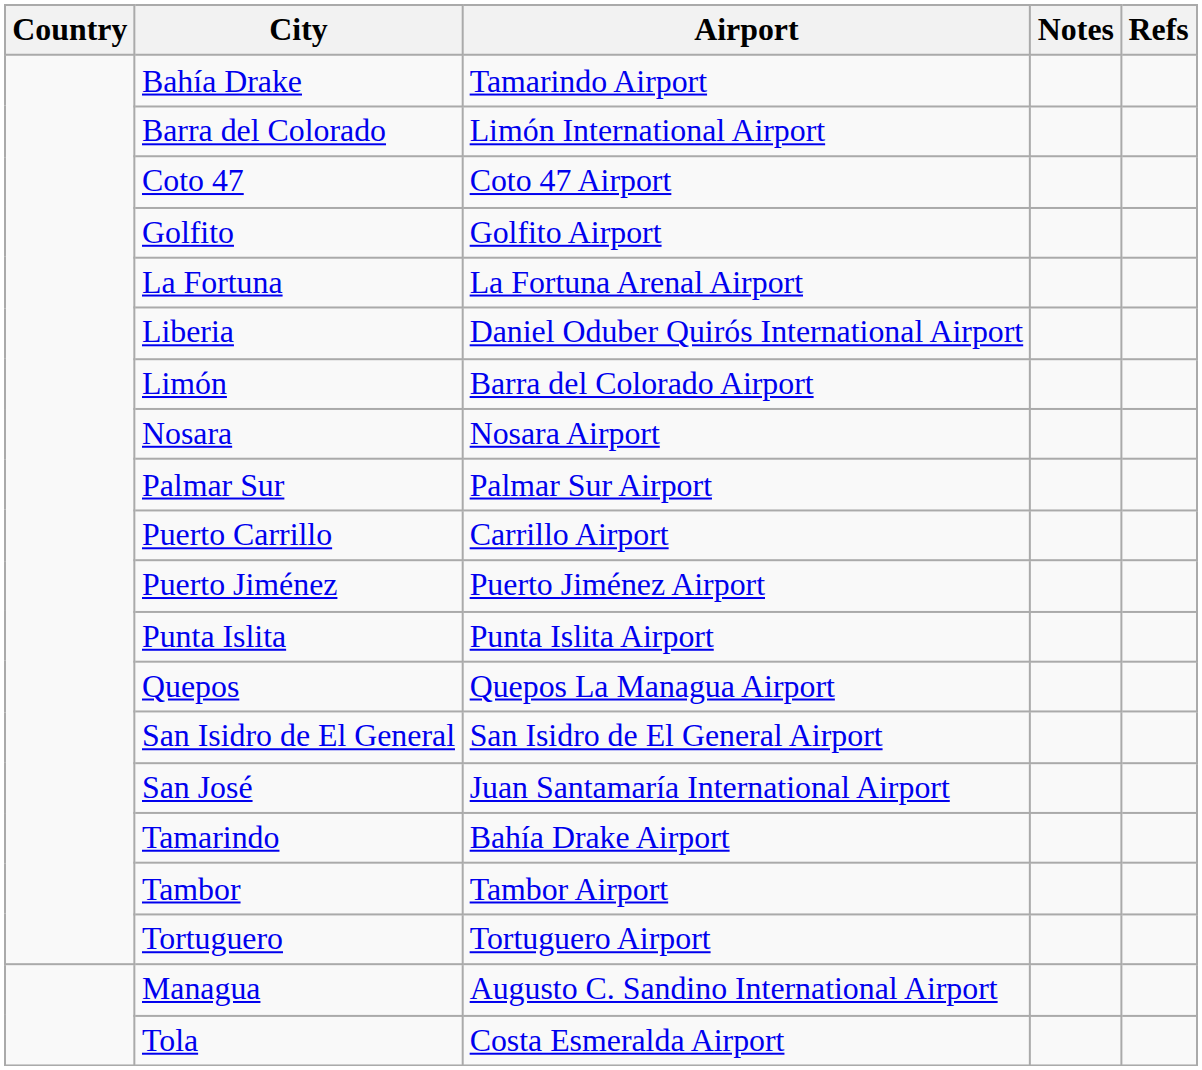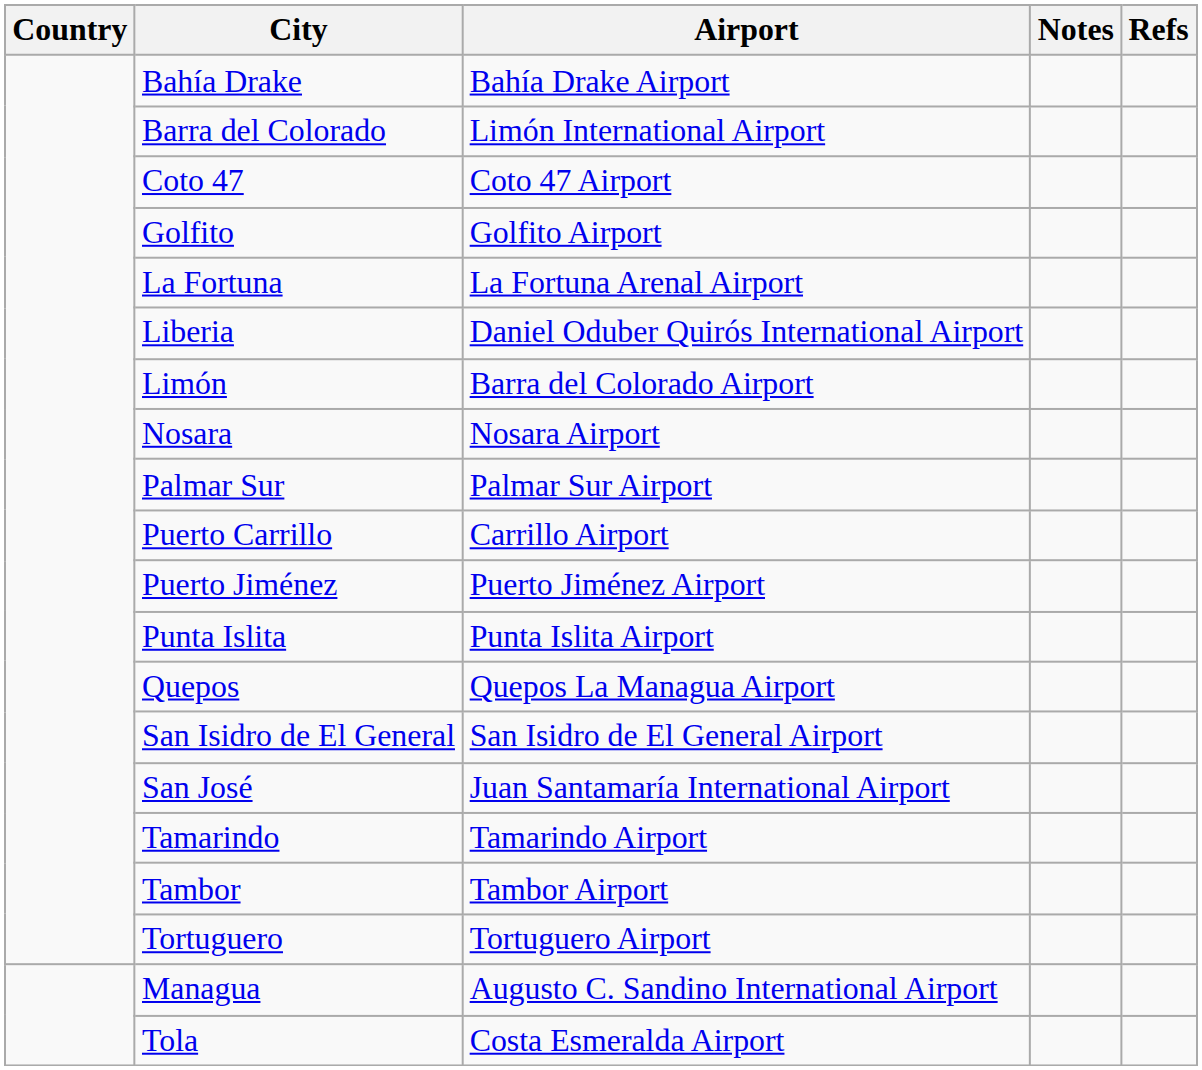 <table class="sortable wikitable">
 <tr>
 <th>Country</th>
 <th>City</th>
 <th>Airport</th>
 <th>Notes</th>
 <th class="unsortable">Refs</th>
 </tr>
 <tr>
 <td rowspan=18></td>
 <td><a href='#'>Bahía Drake</a></td>
-<td><a href='#'>Tamarindo Airport</a></td>
+<td><a href='#'>Bahía Drake Airport</a></td>
 <td align=center></td>
 <td></td>
 </tr>
 <tr>
 <td><a href='#'>Barra del Colorado</a></td>
 <td><a href='#'>Limón International Airport</a></td>
 <td></td>
 <td></td>
 </tr>
 <tr>
 <td><a href='#'>Coto 47</a></td>
 <td><a href='#'>Coto 47 Airport</a></td>
 <td></td>
 <td></td>
 </tr>
 <tr>
 <td><a href='#'>Golfito</a></td>
 <td><a href='#'>Golfito Airport</a></td>
 <td align=center></td>
 <td></td>
 </tr>
 <tr>
 <td><a href='#'>La Fortuna</a></td>
 <td><a href='#'>La Fortuna Arenal Airport</a></td>
 <td align=center></td>
 <td></td>
 </tr>
 <tr>
 <td><a href='#'>Liberia</a></td>
 <td><a href='#'>Daniel Oduber Quirós International Airport</a></td>
 <td align=center></td>
 <td></td>
 </tr>
 <tr>
 <td><a href='#'>Limón</a></td>
 <td><a href='#'>Barra del Colorado Airport</a></td>
 <td align=center></td>
 <td></td>
 </tr>
 <tr>
 <td><a href='#'>Nosara</a></td>
 <td><a href='#'>Nosara Airport</a></td>
 <td align=center></td>
 <td></td>
 </tr>
 <tr>
 <td><a href='#'>Palmar Sur</a></td>
 <td><a href='#'>Palmar Sur Airport</a></td>
 <td align=center></td>
 <td></td>
 </tr>
 <tr>
 <td><a href='#'>Puerto Carrillo</a></td>
 <td><a href='#'>Carrillo Airport</a></td>
 <td></td>
 <td></td>
 </tr>
 <tr>
 <td><a href='#'>Puerto Jiménez</a></td>
 <td><a href='#'>Puerto Jiménez Airport</a></td>
 <td align=center></td>
 <td></td>
 </tr>
 <tr>
 <td><a href='#'>Punta Islita</a></td>
 <td><a href='#'>Punta Islita Airport</a></td>
 <td></td>
 <td></td>
 </tr>
 <tr>
 <td><a href='#'>Quepos</a></td>
 <td><a href='#'>Quepos La Managua Airport</a></td>
 <td align=center></td>
 <td></td>
 </tr>
 <tr>
 <td><a href='#'>San Isidro de El General</a></td>
 <td><a href='#'>San Isidro de El General Airport</a></td>
 <td></td>
 <td></td>
 </tr>
 <tr>
 <td><a href='#'>San José</a></td>
 <td><a href='#'>Juan Santamaría International Airport</a></td>
 <td></td>
 <td></td>
 </tr>
 <tr>
 <td><a href='#'>Tamarindo</a></td>
-<td><a href='#'>Bahía Drake Airport</a></td>
+<td><a href='#'>Tamarindo Airport</a></td>
 <td align=center></td>
 <td></td>
 </tr>
 <tr>
 <td><a href='#'>Tambor</a></td>
 <td><a href='#'>Tambor Airport</a></td>
 <td align=center></td>
 <td></td>
 </tr>
 <tr>
 <td><a href='#'>Tortuguero</a></td>
 <td><a href='#'>Tortuguero Airport</a></td>
 <td align=center></td>
 <td></td>
 </tr>
 <tr>
 <td rowspan=2></td>
 <td><a href='#'>Managua</a></td>
 <td><a href='#'>Augusto C. Sandino International Airport</a></td>
 <td align=center></td>
 <td></td>
 </tr>
 <tr>
 <td><a href='#'>Tola</a></td>
 <td><a href='#'>Costa Esmeralda Airport</a></td>
 <td></td>
 <td></td>
 </tr>
 <tr>
 </tr>
 </table>
